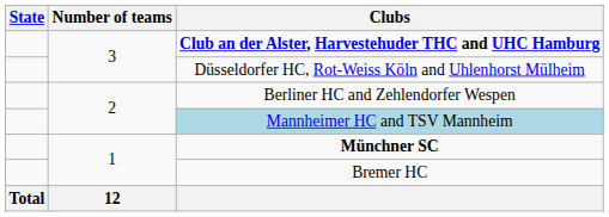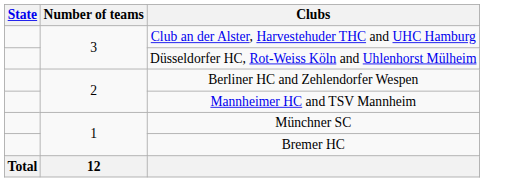 <table class="wikitable">
 <tr>
 <th><a href='#'>State</a></th>
 <th>Number of teams</th>
 <th>Clubs</th>
 </tr>
 <tr>
 <td></td>
 <td align=center rowspan=2>3</td>
-<td align=center><strong><a href='#'>Club an der Alster</a>, <a href='#'>Harvestehuder THC</a> and <a href='#'>UHC Hamburg</a></strong></td>
+<td align=center><a href='#'>Club an der Alster</a>, <a href='#'>Harvestehuder THC</a> and <a href='#'>UHC Hamburg</a></td>
 </tr>
 <tr>
 <td></td>
 <td align=center>Düsseldorfer HC, <a href='#'>Rot-Weiss Köln</a> and <a href='#'>Uhlenhorst Mülheim</a></td>
 </tr>
 <tr>
 <td></td>
 <td align=center rowspan=2>2</td>
 <td align=center>Berliner HC and Zehlendorfer Wespen</td>
 </tr>
 <tr>
 <td></td>
-<td align=center style="background: lightblue;"><a href='#'>Mannheimer HC</a> and TSV Mannheim</td>
+<td align=center><a href='#'>Mannheimer HC</a> and TSV Mannheim</td>
 </tr>
 <tr>
 <td></td>
 <td align=center rowspan=2>1</td>
-<td align=center><strong>Münchner SC</strong></td>
+<td align=center>Münchner SC</td>
 </tr>
 <tr>
 <td></td>
 <td align=center>Bremer HC</td>
 </tr>
 <tr>
 <th>Total</th>
 <th>12</th>
 <th></th>
 </tr>
 </table>
